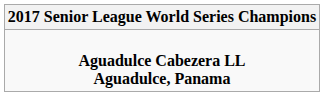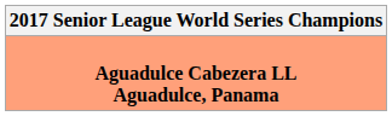 <table class="wikitable" style="text-align: center; margin: 0 auto;">
 <tr>
 <th>2017 Senior League World Series Champions</th>
 </tr>
 <tr>
 </tr>
 <tr>
-<td><br><strong>Aguadulce Cabezera LL</strong><br> <strong>Aguadulce, Panama</strong></td>
+<td style="background: lightsalmon;"><br><strong>Aguadulce Cabezera LL</strong><br> <strong>Aguadulce, Panama</strong></td>
 </tr>
 </table>
